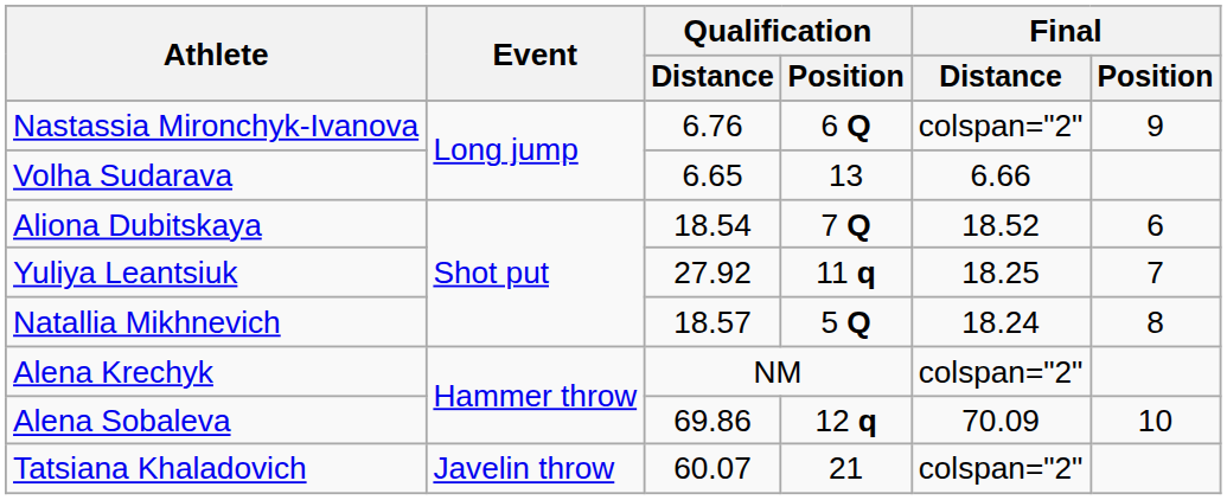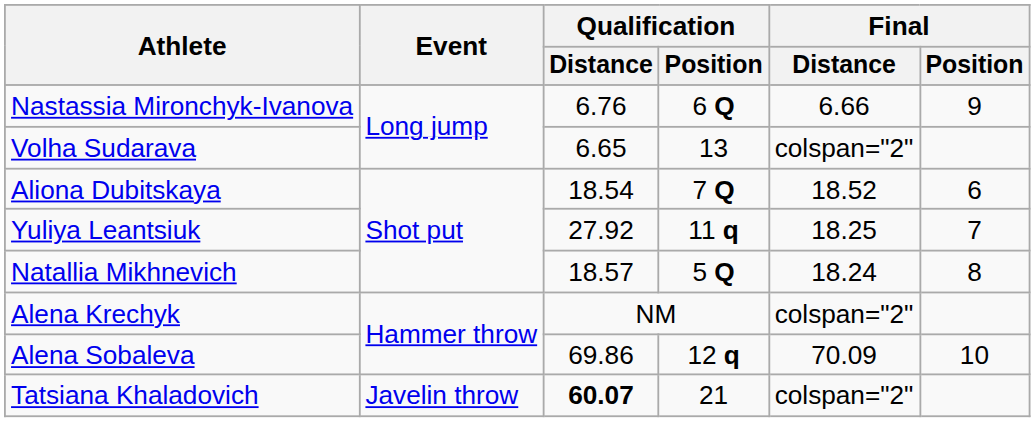 <table class=wikitable style="font-size:90%">
 <tr>
 <th rowspan="2">Athlete</th>
 <th rowspan="2">Event</th>
 <th colspan="2">Qualification</th>
 <th colspan="2">Final</th>
 </tr>
 <tr style="font-size:95%">
 <th>Distance</th>
 <th>Position</th>
 <th>Distance</th>
 <th>Position</th>
 </tr>
 <tr style=text-align:center>
 <td style=text-align:left><a href='#'>Nastassia Mironchyk-Ivanova</a></td>
 <td style=text-align:left rowspan=2><a href='#'>Long jump</a></td>
 <td>6.76</td>
 <td>6 <strong>Q</strong></td>
-<td>colspan="2" </td>
+<td>6.66</td>
 <td>9</td>
 </tr>
 <tr style=text-align:center>
 <td style=text-align:left><a href='#'>Volha Sudarava</a></td>
 <td>6.65</td>
 <td>13</td>
-<td>6.66</td>
+<td>colspan="2" </td>
 </tr>
 <tr style=text-align:center>
 <td style=text-align:left><a href='#'>Aliona Dubitskaya</a></td>
 <td style=text-align:left rowspan=3><a href='#'>Shot put</a></td>
 <td>18.54</td>
 <td>7 <strong>Q</strong></td>
 <td>18.52</td>
 <td>6</td>
 </tr>
 <tr style=text-align:center>
 <td style=text-align:left><a href='#'>Yuliya Leantsiuk</a></td>
 <td>27.92</td>
 <td>11 <strong>q</strong></td>
 <td>18.25</td>
 <td>7</td>
 </tr>
 <tr style=text-align:center>
 <td style=text-align:left><a href='#'>Natallia Mikhnevich</a></td>
 <td>18.57</td>
 <td>5 <strong>Q</strong></td>
 <td>18.24</td>
 <td>8</td>
 </tr>
 <tr style=text-align:center>
 <td style=text-align:left><a href='#'>Alena Krechyk</a></td>
 <td style=text-align:left rowspan=2><a href='#'>Hammer throw</a></td>
 <td colspan="2">NM</td>
 <td>colspan="2" </td>
 </tr>
 <tr style=text-align:center>
 <td style=text-align:left><a href='#'>Alena Sobaleva</a></td>
 <td>69.86</td>
 <td>12 <strong>q</strong></td>
 <td>70.09</td>
 <td>10</td>
 </tr>
 <tr style=text-align:center>
 <td style=text-align:left><a href='#'>Tatsiana Khaladovich</a></td>
 <td style=text-align:left><a href='#'>Javelin throw</a></td>
-<td>60.07</td>
+<td><strong>60.07</strong></td>
 <td>21</td>
 <td>colspan="2" </td>
 </tr>
 </table>
